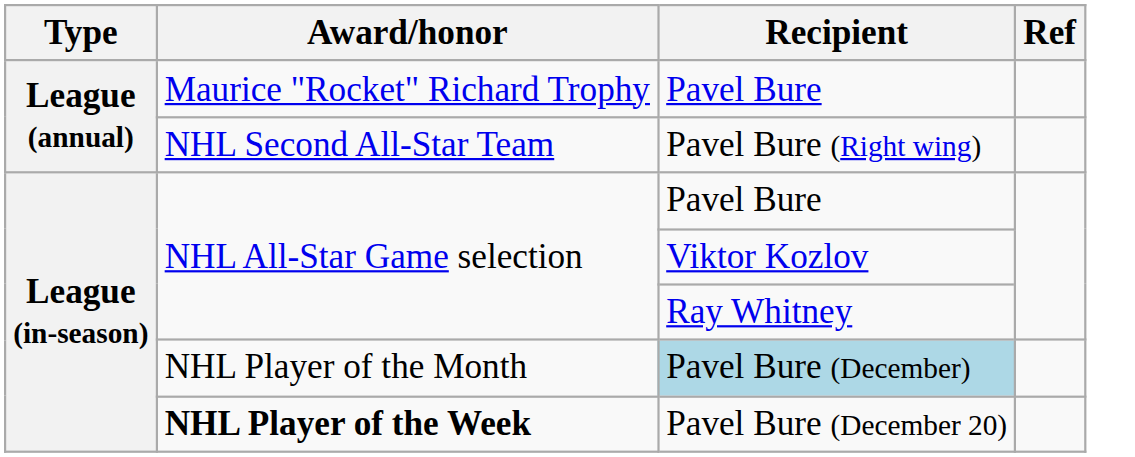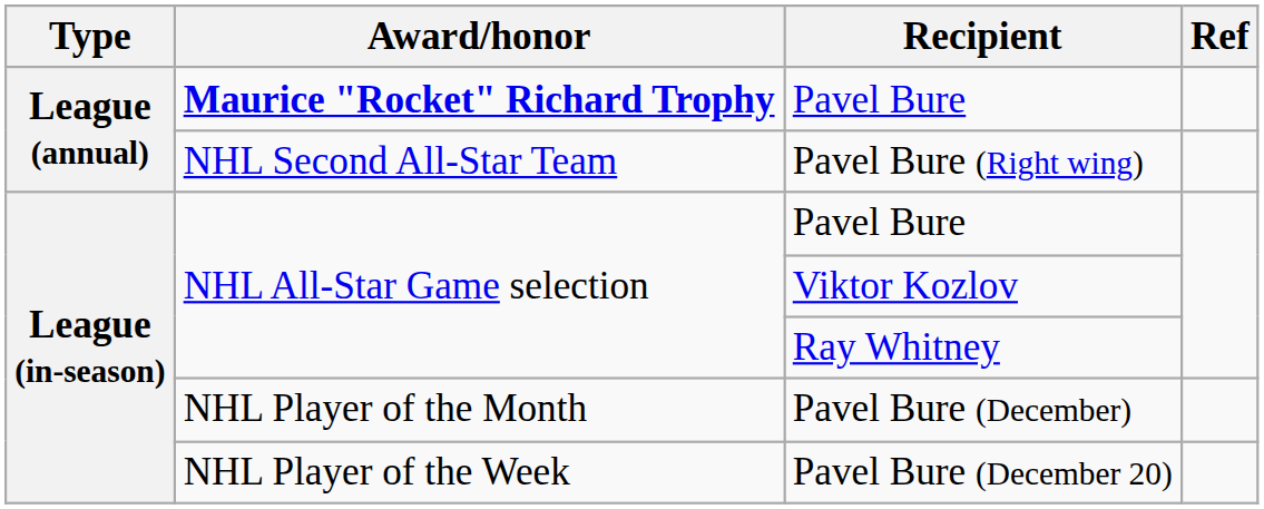 <table class="wikitable">
 <tr>
 <th scope="col">Type</th>
 <th scope="col">Award/honor</th>
 <th scope="col">Recipient</th>
 <th scope="col">Ref</th>
 </tr>
 <tr>
 <th scope="row" rowspan="2">League<br><small>(annual)</small></th>
-<td><a href='#'>Maurice "Rocket" Richard Trophy</a></td>
+<td><strong><a href='#'>Maurice "Rocket" Richard Trophy</a></strong></td>
 <td><a href='#'>Pavel Bure</a></td>
 <td></td>
 </tr>
 <tr>
 <td><a href='#'>NHL Second All-Star Team</a></td>
 <td>Pavel Bure <small>(<a href='#'>Right wing</a>)</small></td>
 <td></td>
 </tr>
 <tr>
 <th scope="row" rowspan="5">League<br><small>(in-season)</small></th>
 <td rowspan="3"><a href='#'>NHL All-Star Game</a> selection</td>
 <td>Pavel Bure</td>
 <td rowspan="3"></td>
 </tr>
 <tr>
 <td><a href='#'>Viktor Kozlov</a></td>
 </tr>
 <tr>
 <td><a href='#'>Ray Whitney</a></td>
 </tr>
 <tr>
 <td>NHL Player of the Month</td>
-<td style="background: lightblue;">Pavel Bure <small>(December)</small></td>
+<td>Pavel Bure <small>(December)</small></td>
 <td></td>
 </tr>
 <tr>
-<td><strong>NHL Player of the Week</strong></td>
+<td>NHL Player of the Week</td>
 <td>Pavel Bure <small>(December 20)</small></td>
 <td></td>
 </tr>
 </table>
